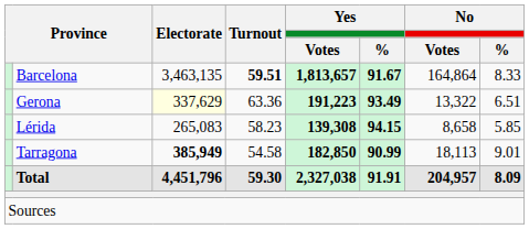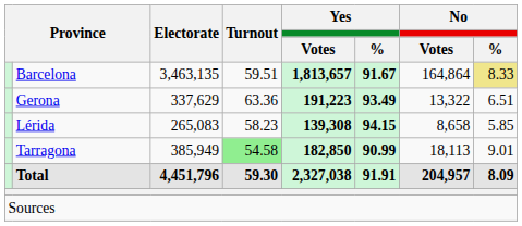 <table class="wikitable sortable" style="text-align:right; line-height:20px;">
 <tr>
 <th width="150" colspan="2" rowspan="3">Province</th>
 <th rowspan="3">Electorate</th>
 <th rowspan="3">Turnout</th>
 <th width="120" colspan="2">Yes</th>
 <th width="120" colspan="2">No</th>
 </tr>
 <tr>
 <th colspan="2" style="background:#088A29;"></th>
 <th colspan="2" style="background:#E90000;"></th>
 </tr>
 <tr>
 <th>Votes</th>
 <th>%</th>
 <th>Votes</th>
 <th>%</th>
 </tr>
 <tr>
 <td width="1" style="color:inherit;background:#CEF6D8;"></td>
 <td align="left"><a href='#'>Barcelona</a></td>
 <td>3,463,135</td>
-<td><strong>59.51</strong></td>
+<td>59.51</td>
 <td style="background:#CEF6D8;"><strong>1,813,657</strong></td>
 <td style="background:#CEF6D8;"><strong>91.67</strong></td>
 <td>164,864</td>
-<td>8.33</td>
+<td style="background: khaki;">8.33</td>
 </tr>
 <tr>
 <td style="color:inherit;background:#CEF6D8;"></td>
 <td align="left"><a href='#'>Gerona</a></td>
-<td style="background: lightyellow;">337,629</td>
+<td>337,629</td>
 <td>63.36</td>
 <td style="background:#CEF6D8;"><strong>191,223</strong></td>
 <td style="background:#CEF6D8;"><strong>93.49</strong></td>
 <td>13,322</td>
 <td>6.51</td>
 </tr>
 <tr>
 <td style="color:inherit;background:#CEF6D8;"></td>
 <td align="left"><a href='#'>Lérida</a></td>
 <td>265,083</td>
 <td>58.23</td>
 <td style="background:#CEF6D8;"><strong>139,308</strong></td>
 <td style="background:#CEF6D8;"><strong>94.15</strong></td>
 <td>8,658</td>
 <td>5.85</td>
 </tr>
 <tr>
 <td style="color:inherit;background:#CEF6D8;"></td>
 <td align="left"><a href='#'>Tarragona</a></td>
-<td><strong>385,949</strong></td>
-<td>54.58</td>
+<td>385,949</td>
+<td style="background: lightgreen;">54.58</td>
 <td style="background:#CEF6D8;"><strong>182,850</strong></td>
 <td style="background:#CEF6D8;"><strong>90.99</strong></td>
 <td>18,113</td>
 <td>9.01</td>
 </tr>
 <tr style="font-weight:bold;background:#E4E4E4;">
 <td style="color:inherit;background:#CEF6D8;"></td>
 <td align="left">Total</td>
 <td>4,451,796</td>
 <td>59.30</td>
 <td style="background:#CEF6D8;">2,327,038</td>
 <td style="background:#CEF6D8;">91.91</td>
 <td>204,957</td>
 <td>8.09</td>
 </tr>
 <tr>
 <th colspan="8"></th>
 </tr>
 <tr>
 <th style="text-align:left; font-weight:normal; background:#F9F9F9" colspan="8">Sources</th>
 </tr>
 </table>
